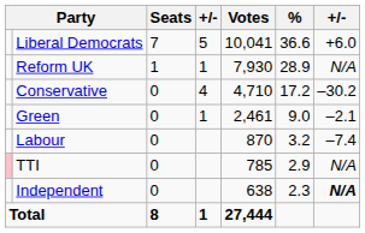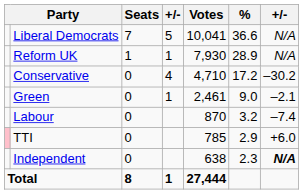 <table class="wikitable sortable">
 <tr>
 <th colspan="2">Party</th>
 <th>Seats</th>
 <th>+/-</th>
 <th>Votes</th>
 <th>%</th>
 <th>+/-</th>
 </tr>
 <tr>
 <td style="background-color: "></td>
 <td><a href='#'>Liberal Democrats</a></td>
 <td>7</td>
 <td> 5</td>
 <td style="text-align:right;">10,041</td>
 <td style="text-align:right;">36.6</td>
-<td style="text-align:right;">+6.0</td>
+<td style="text-align:right;"><em>N/A</em></td>
 </tr>
 <tr>
 <td style="background-color: "></td>
 <td><a href='#'>Reform UK</a></td>
 <td>1</td>
 <td> 1</td>
 <td style="text-align:right;">7,930</td>
 <td style="text-align:right;">28.9</td>
 <td style="text-align:right;"><em>N/A</em></td>
 </tr>
 <tr>
 <td style="background-color: "></td>
 <td><a href='#'>Conservative</a></td>
 <td>0</td>
 <td> 4</td>
 <td style="text-align:right;">4,710</td>
 <td style="text-align:right;">17.2</td>
 <td style="text-align:right;">–30.2</td>
 </tr>
 <tr>
 <td style="background-color: "></td>
 <td><a href='#'>Green</a></td>
 <td>0</td>
 <td> 1</td>
 <td style="text-align:right;">2,461</td>
 <td style="text-align:right;">9.0</td>
 <td style="text-align:right;">–2.1</td>
 </tr>
 <tr>
 <td style="background-color: "></td>
 <td><a href='#'>Labour</a></td>
 <td>0</td>
 <td></td>
 <td style="text-align:right;">870</td>
 <td style="text-align:right;">3.2</td>
 <td style="text-align:right;">–7.4</td>
 </tr>
 <tr>
 <td style="background-color: #FFC0CB"></td>
 <td>TTI</td>
 <td>0</td>
 <td></td>
 <td style="text-align:right;">785</td>
 <td style="text-align:right;">2.9</td>
-<td style="text-align:right;"><em>N/A</em></td>
+<td style="text-align:right;">+6.0</td>
 </tr>
 <tr>
 <td style="background-color: "></td>
 <td><a href='#'>Independent</a></td>
 <td>0</td>
 <td></td>
 <td style="text-align:right;">638</td>
 <td style="text-align:right;">2.3</td>
 <td style="text-align:right;"><strong><em>N/A</em></strong></td>
 </tr>
 <tr>
 <td colspan="2"><strong>Total</strong></td>
 <td><strong>8</strong></td>
 <td> <strong>1</strong></td>
 <td style="text-align:right;"><strong>27,444</strong></td>
 <td style="text-align:right;"></td>
 <td style="text-align:right;"></td>
 </tr>
 </table>
